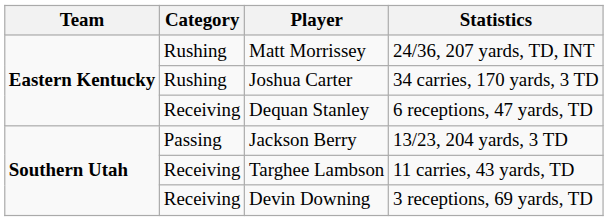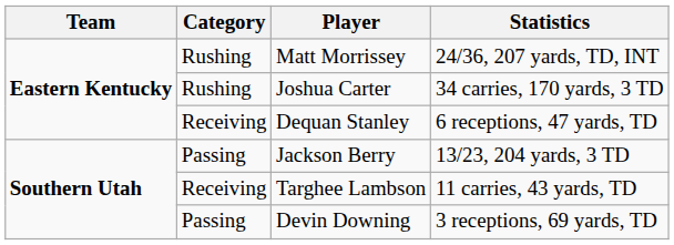 <table class="wikitable" style="float: right;">
 <tr>
 <th>Team</th>
 <th>Category</th>
 <th>Player</th>
 <th>Statistics</th>
 </tr>
 <tr>
 <td rowspan=3><strong>Eastern Kentucky</strong></td>
 <td>Rushing</td>
 <td>Matt Morrissey</td>
 <td>24/36, 207 yards, TD, INT</td>
 </tr>
 <tr>
 <td>Rushing</td>
 <td>Joshua Carter</td>
 <td>34 carries, 170 yards, 3 TD</td>
 </tr>
 <tr>
 <td>Receiving</td>
 <td>Dequan Stanley</td>
 <td>6 receptions, 47 yards, TD</td>
 </tr>
 <tr>
 <td rowspan=3><strong>Southern Utah</strong></td>
 <td>Passing</td>
 <td>Jackson Berry</td>
 <td>13/23, 204 yards, 3 TD</td>
 </tr>
 <tr>
 <td>Receiving</td>
 <td>Targhee Lambson</td>
 <td>11 carries, 43 yards, TD</td>
 </tr>
 <tr>
-<td>Receiving</td>
+<td>Passing</td>
 <td>Devin Downing</td>
 <td>3 receptions, 69 yards, TD</td>
 </tr>
 </table>
